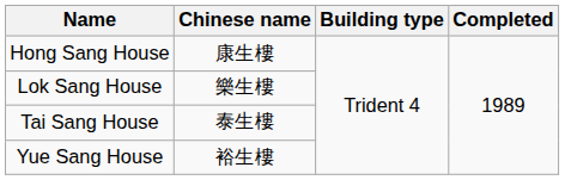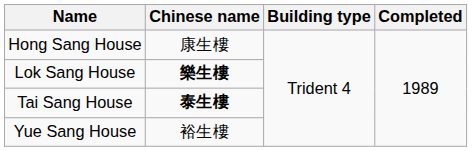 <table class="wikitable" style="text-align: center">
 <tr>
 <th>Name</th>
 <th>Chinese name</th>
 <th>Building type</th>
 <th>Completed</th>
 </tr>
 <tr>
 <td>Hong Sang House</td>
 <td>康生樓</td>
 <td rowspan="4">Trident 4</td>
 <td rowspan="4">1989</td>
 </tr>
 <tr>
 <td>Lok Sang House</td>
-<td>樂生樓</td>
+<td><strong>樂生樓</strong></td>
 </tr>
 <tr>
 <td>Tai Sang House</td>
-<td>泰生樓</td>
+<td><strong>泰生樓</strong></td>
 </tr>
 <tr>
 <td>Yue Sang House</td>
 <td>裕生樓</td>
 </tr>
 </table>
